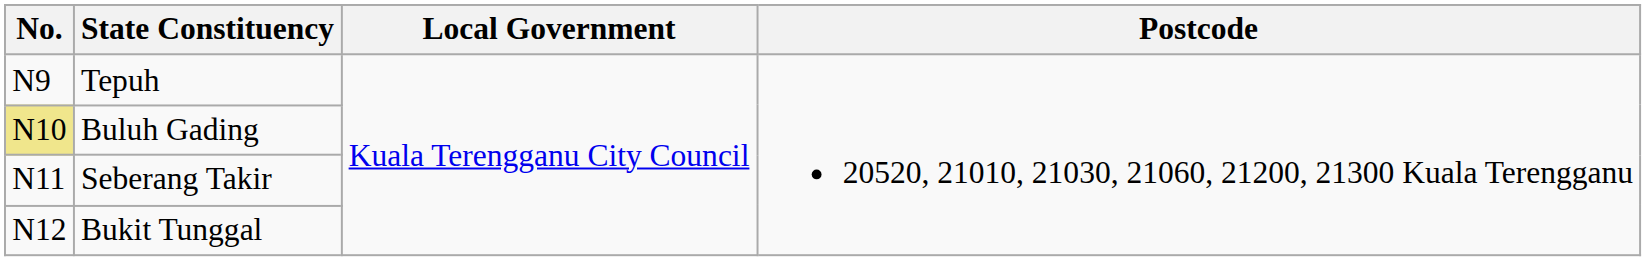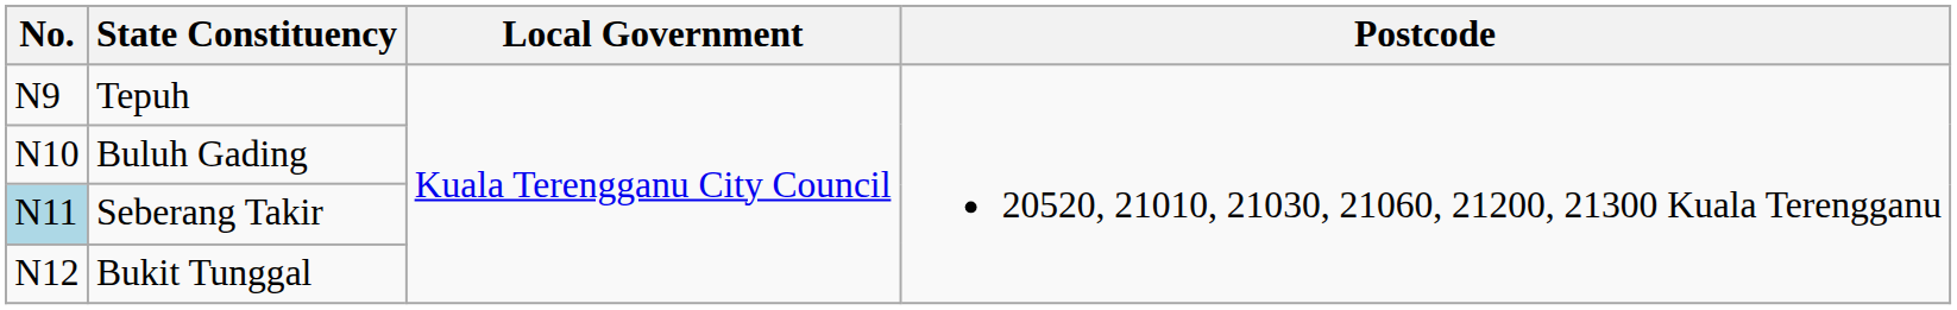 <table class="wikitable">
 <tr>
 <th>No.</th>
 <th>State Constituency</th>
 <th>Local Government</th>
 <th>Postcode</th>
 </tr>
 <tr>
 <td>N9</td>
 <td>Tepuh</td>
 <td rowspan="4"><a href='#'>Kuala Terengganu City Council</a></td>
 <td rowspan="4"><br><ul><li>20520, 21010, 21030, 21060, 21200, 21300 Kuala Terengganu</li></ul></td>
 </tr>
 <tr>
-<td style="background: khaki;">N10</td>
+<td>N10</td>
 <td>Buluh Gading</td>
 </tr>
 <tr>
-<td>N11</td>
+<td style="background: lightblue;">N11</td>
 <td>Seberang Takir</td>
 </tr>
 <tr>
 <td>N12</td>
 <td>Bukit Tunggal</td>
 </tr>
 </table>
